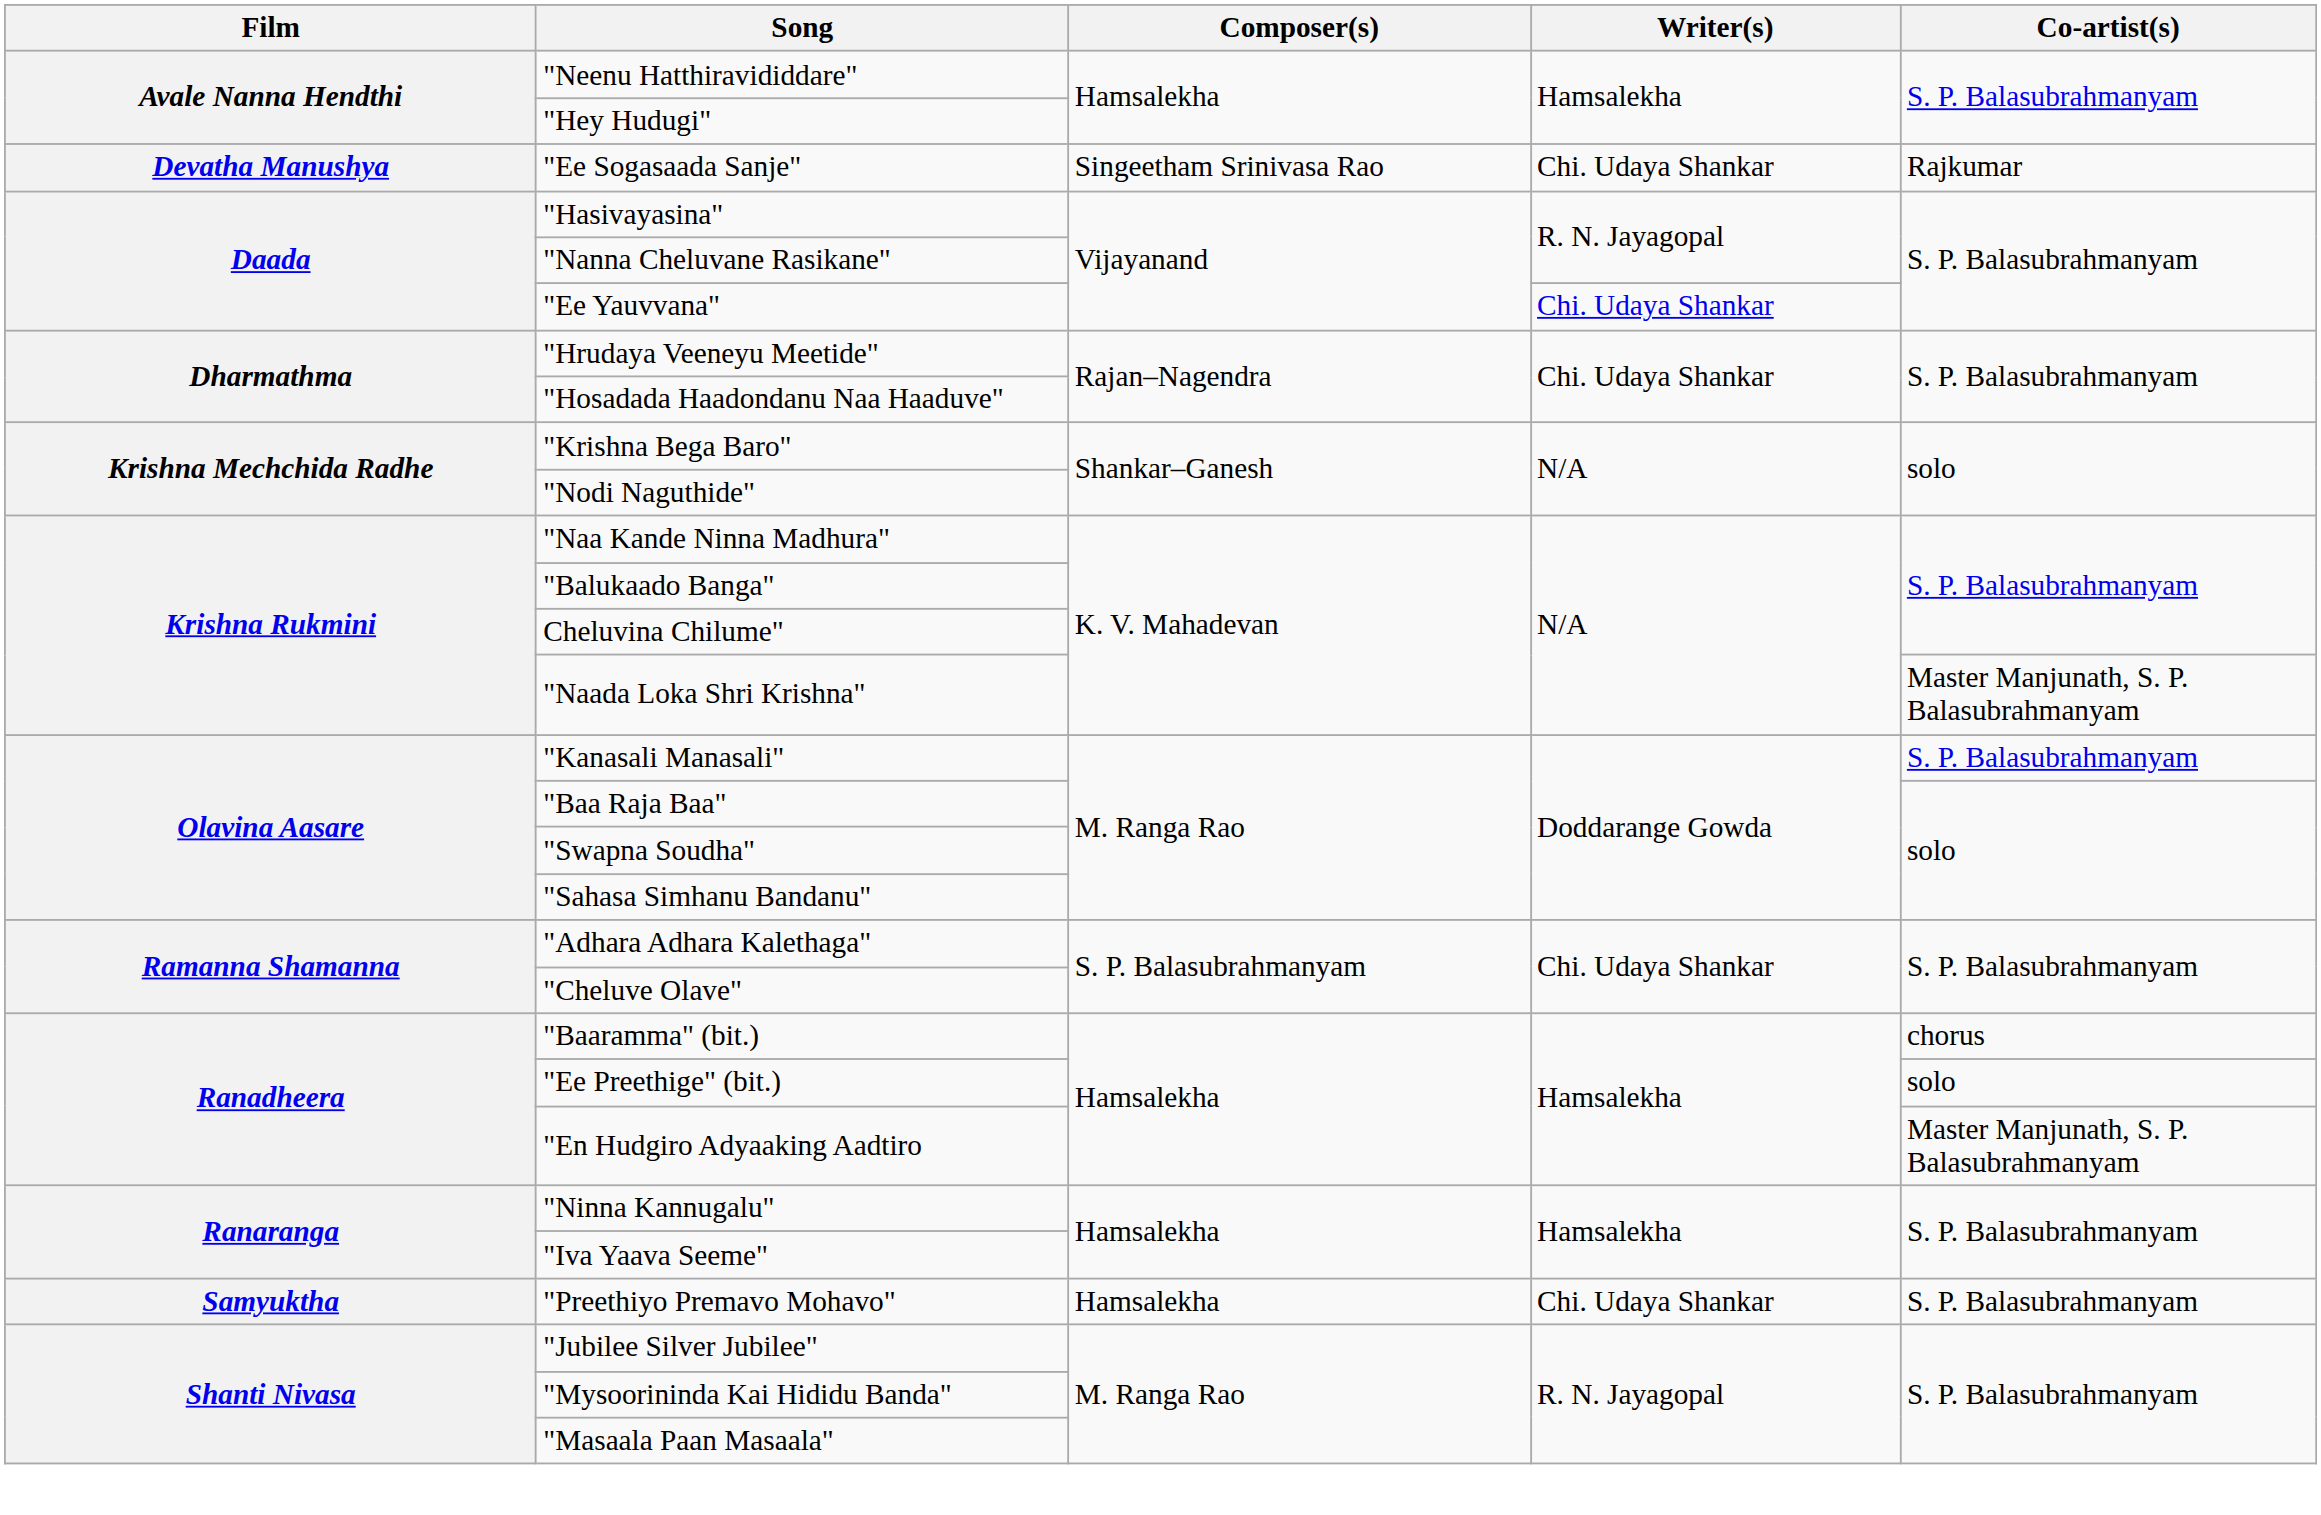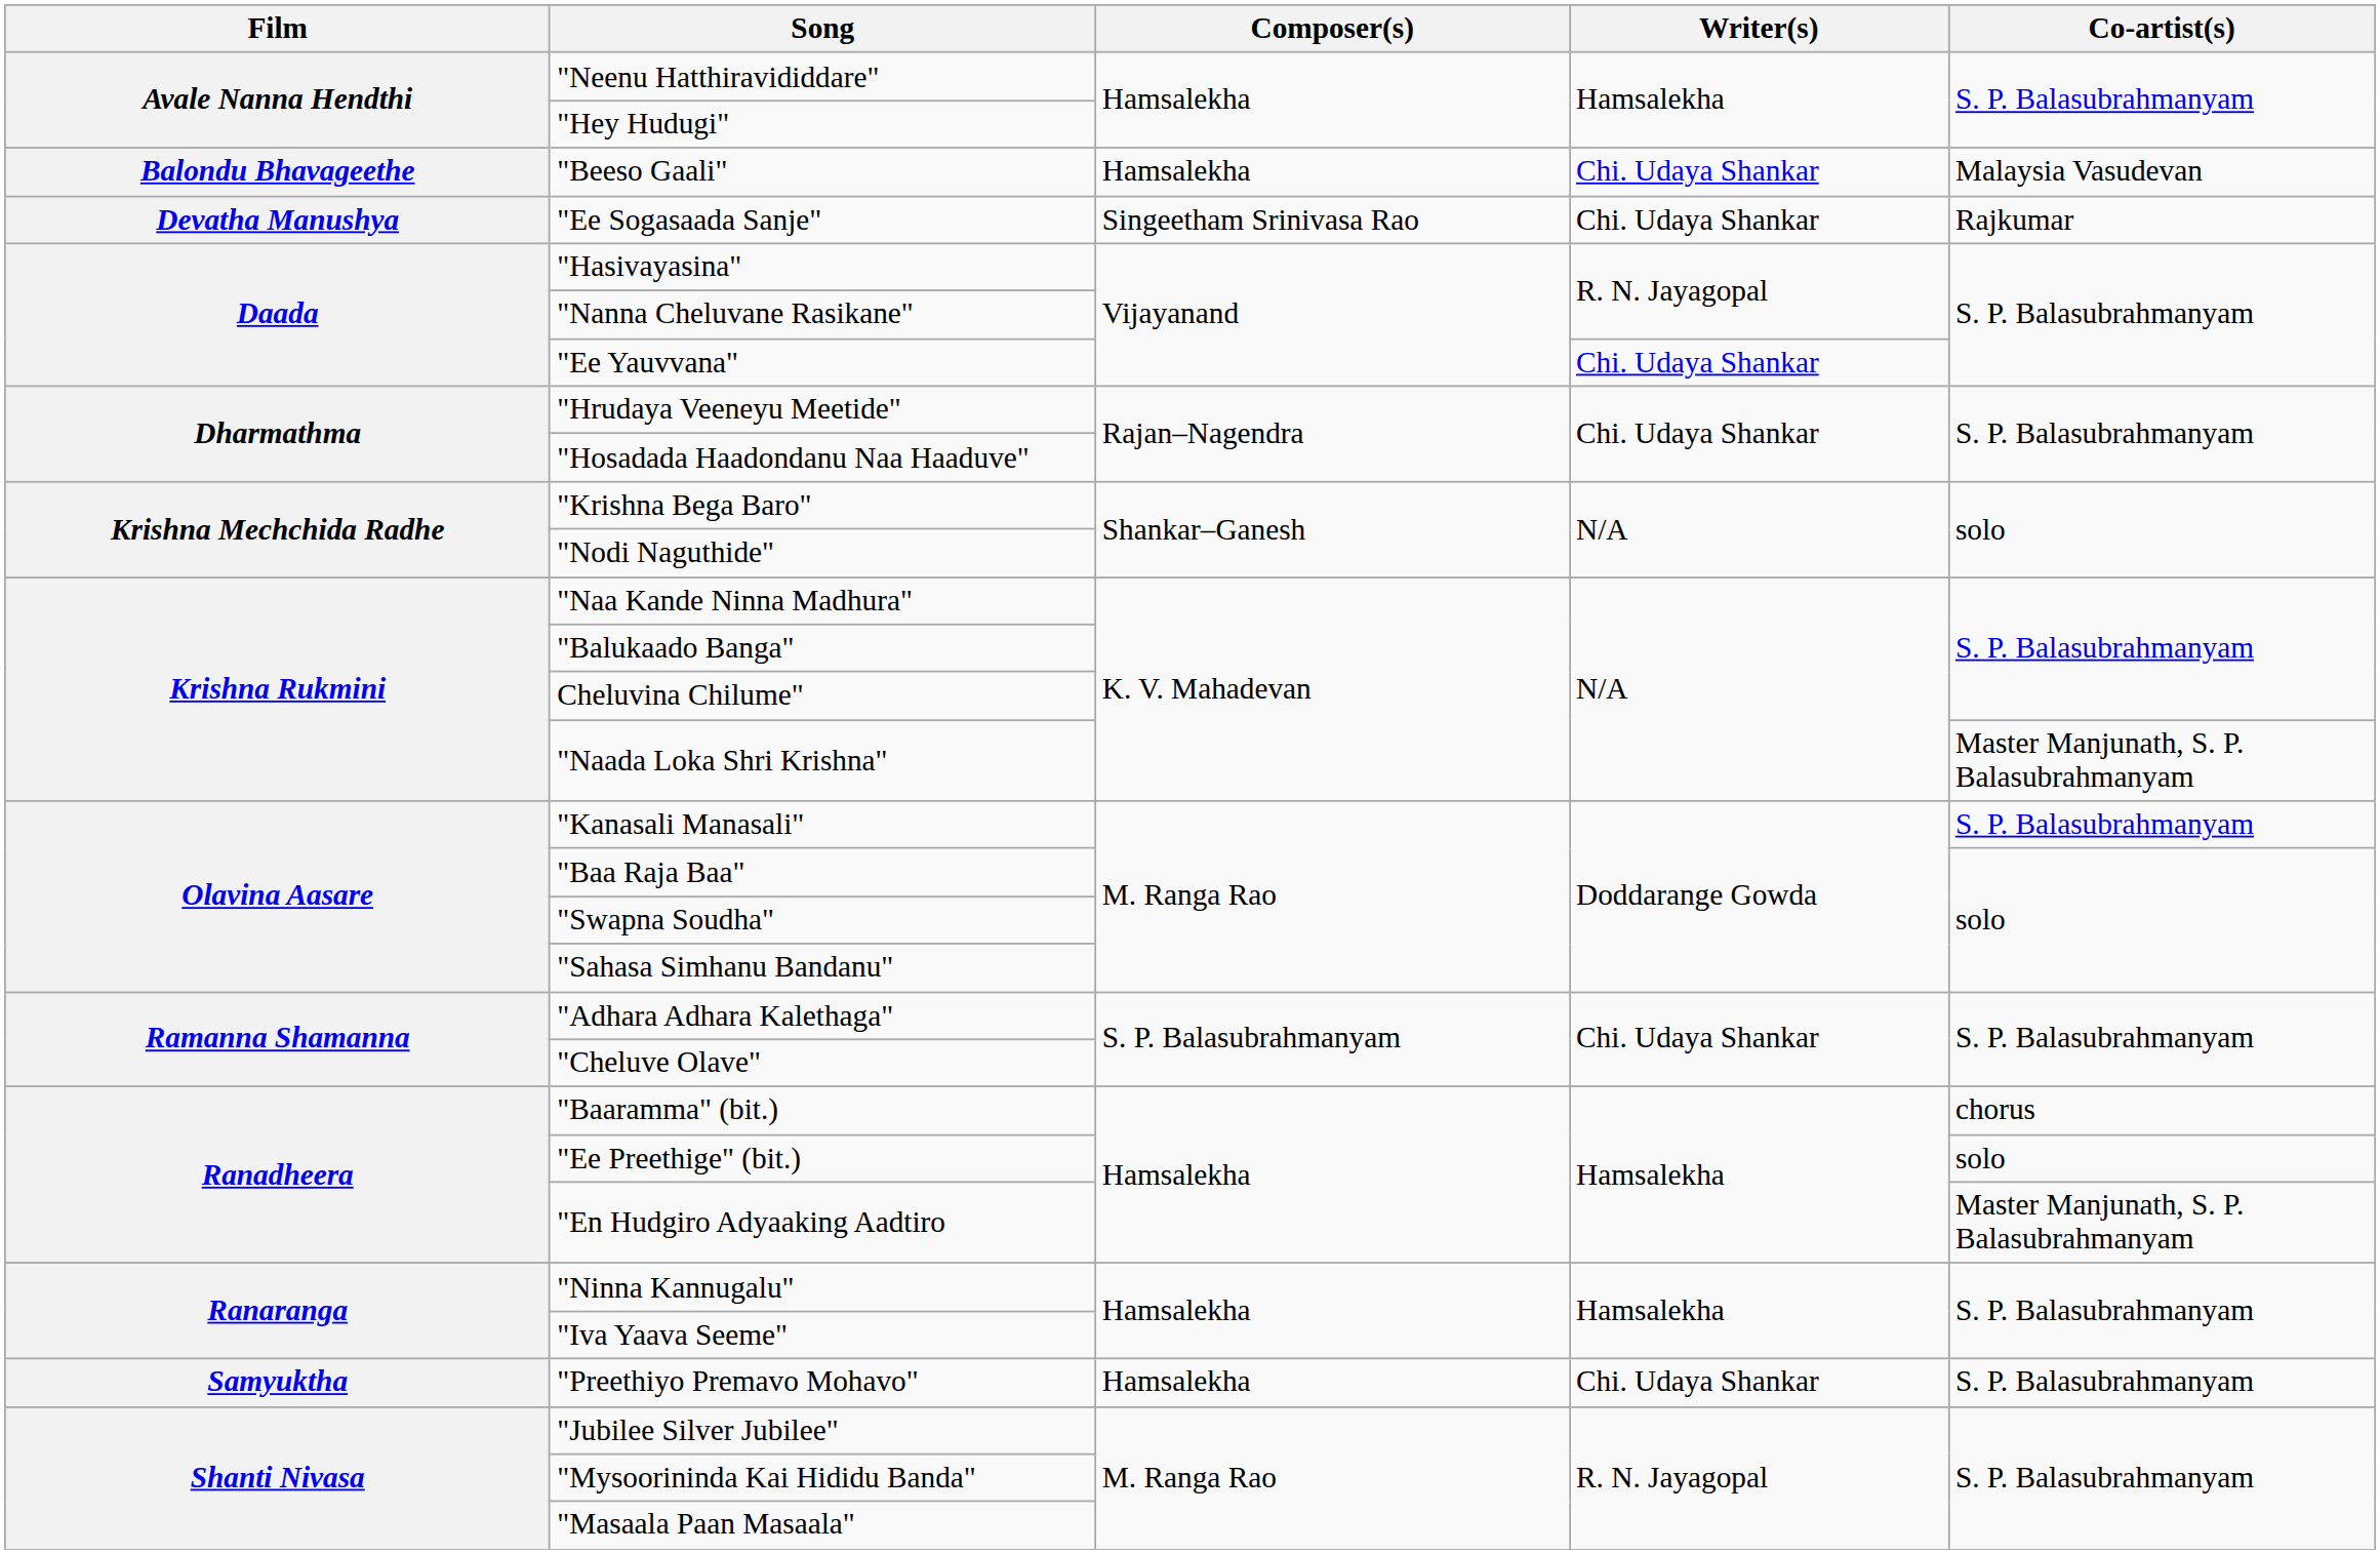 <table class="wikitable plainrowheaders" width="100%" textcolor:#000;">
 <tr style="background:#b0e0e66;">
 <th scope="col" width=23%><strong>Film</strong></th>
 <th scope="col" width=23%><strong>Song</strong></th>
 <th scope="col" width=20%><strong>Composer(s)</strong></th>
 <th scope="col" width=16%><strong>Writer(s)</strong></th>
 <th scope="col" width=18%><strong>Co-artist(s)</strong></th>
 </tr>
 <tr>
 <th Rowspan=2><em>Avale Nanna Hendthi</em></th>
 <td>"Neenu Hatthiravididdare"</td>
 <td rowspan=2>Hamsalekha</td>
 <td rowspan=2>Hamsalekha</td>
 <td rowspan=2><a href='#'>S. P. Balasubrahmanyam</a></td>
 </tr>
 <tr>
 <td>"Hey Hudugi"</td>
+</tr>
+<tr>
+<th><em><a href='#'>Balondu Bhavageethe</a></em></th>
+<td>"Beeso Gaali"</td>
+<td>Hamsalekha</td>
+<td><a href='#'>Chi. Udaya Shankar</a></td>
+<td>Malaysia Vasudevan</td>
 </tr>
 <tr>
 <th><em><a href='#'>Devatha Manushya</a></em></th>
 <td>"Ee Sogasaada Sanje"</td>
 <td>Singeetham Srinivasa Rao</td>
 <td>Chi. Udaya Shankar</td>
 <td>Rajkumar</td>
 </tr>
 <tr>
 <th Rowspan=3><em><a href='#'>Daada</a></em></th>
 <td>"Hasivayasina"</td>
 <td rowspan=3>Vijayanand</td>
 <td rowspan=2>R. N. Jayagopal</td>
 <td rowspan=3>S. P. Balasubrahmanyam</td>
 </tr>
 <tr>
 <td>"Nanna Cheluvane Rasikane"</td>
 </tr>
 <tr>
 <td>"Ee Yauvvana"</td>
 <td><a href='#'>Chi. Udaya Shankar</a></td>
 </tr>
 <tr>
 <th Rowspan=2><em>Dharmathma</em></th>
 <td>"Hrudaya Veeneyu Meetide"</td>
 <td rowspan=2>Rajan–Nagendra</td>
 <td rowspan=2>Chi. Udaya Shankar</td>
 <td rowspan=2>S. P. Balasubrahmanyam</td>
 </tr>
 <tr>
 <td>"Hosadada Haadondanu Naa Haaduve"</td>
 </tr>
 <tr>
 <th Rowspan=2><em>Krishna Mechchida Radhe</em></th>
 <td>"Krishna Bega Baro"</td>
 <td Rowspan=2>Shankar–Ganesh</td>
 <td Rowspan=2>N/A</td>
 <td rowspan=2>solo</td>
 </tr>
 <tr>
 <td>"Nodi Naguthide"</td>
 </tr>
 <tr>
 <th Rowspan=4><em><a href='#'>Krishna Rukmini</a></em></th>
 <td>"Naa Kande Ninna Madhura"</td>
 <td rowspan=4>K. V. Mahadevan</td>
 <td Rowspan=4>N/A</td>
 <td rowspan=3><a href='#'>S. P. Balasubrahmanyam</a></td>
 </tr>
 <tr>
 <td>"Balukaado Banga"</td>
 </tr>
 <tr>
 <td>Cheluvina Chilume"</td>
 </tr>
 <tr>
 <td>"Naada Loka Shri Krishna"</td>
 <td>Master Manjunath, S. P. Balasubrahmanyam</td>
 </tr>
 <tr>
 <th Rowspan=4><em><a href='#'>Olavina Aasare</a></em></th>
 <td>"Kanasali Manasali"</td>
 <td rowspan=4>M. Ranga Rao</td>
 <td rowspan=4>Doddarange Gowda</td>
 <td rowspan=1><a href='#'>S. P. Balasubrahmanyam</a></td>
 </tr>
 <tr>
 <td>"Baa Raja Baa"</td>
 <td rowspan=3>solo</td>
 </tr>
 <tr>
 <td>"Swapna Soudha"</td>
 </tr>
 <tr>
 <td>"Sahasa Simhanu Bandanu"</td>
 </tr>
 <tr>
 <th Rowspan=2><em><a href='#'>Ramanna Shamanna</a></em></th>
 <td>"Adhara Adhara Kalethaga"</td>
 <td rowspan=2>S. P. Balasubrahmanyam</td>
 <td rowspan=2>Chi. Udaya Shankar</td>
 <td rowspan=2>S. P. Balasubrahmanyam</td>
 </tr>
 <tr>
 <td>"Cheluve Olave"</td>
 </tr>
 <tr>
 <th Rowspan=3><em><a href='#'>Ranadheera</a></em></th>
 <td>"Baaramma" (bit.)</td>
 <td rowspan=3>Hamsalekha</td>
 <td rowspan=3>Hamsalekha</td>
 <td>chorus</td>
 </tr>
 <tr>
 <td>"Ee Preethige" (bit.)</td>
 <td>solo</td>
 </tr>
 <tr>
 <td>"En Hudgiro Adyaaking Aadtiro</td>
 <td>Master Manjunath, S. P. Balasubrahmanyam</td>
 </tr>
 <tr>
 <th Rowspan=2><em><a href='#'>Ranaranga</a></em></th>
 <td>"Ninna Kannugalu"</td>
 <td rowspan=2>Hamsalekha</td>
 <td rowspan=2>Hamsalekha</td>
 <td rowspan=2>S. P. Balasubrahmanyam</td>
 </tr>
 <tr>
 <td>"Iva Yaava Seeme"</td>
 </tr>
 <tr>
 <th><em><a href='#'>Samyuktha</a></em></th>
 <td>"Preethiyo Premavo Mohavo"</td>
 <td>Hamsalekha</td>
 <td>Chi. Udaya Shankar</td>
 <td>S. P. Balasubrahmanyam</td>
 </tr>
 <tr>
 <th Rowspan=3><em><a href='#'>Shanti Nivasa</a></em></th>
 <td>"Jubilee Silver Jubilee"</td>
 <td rowspan=3>M. Ranga Rao</td>
 <td rowspan=3>R. N. Jayagopal</td>
 <td rowspan=3>S. P. Balasubrahmanyam</td>
 </tr>
 <tr>
 <td>"Mysoorininda Kai Hididu Banda"</td>
 </tr>
 <tr>
 <td>"Masaala Paan Masaala"</td>
 </tr>
 </table>
